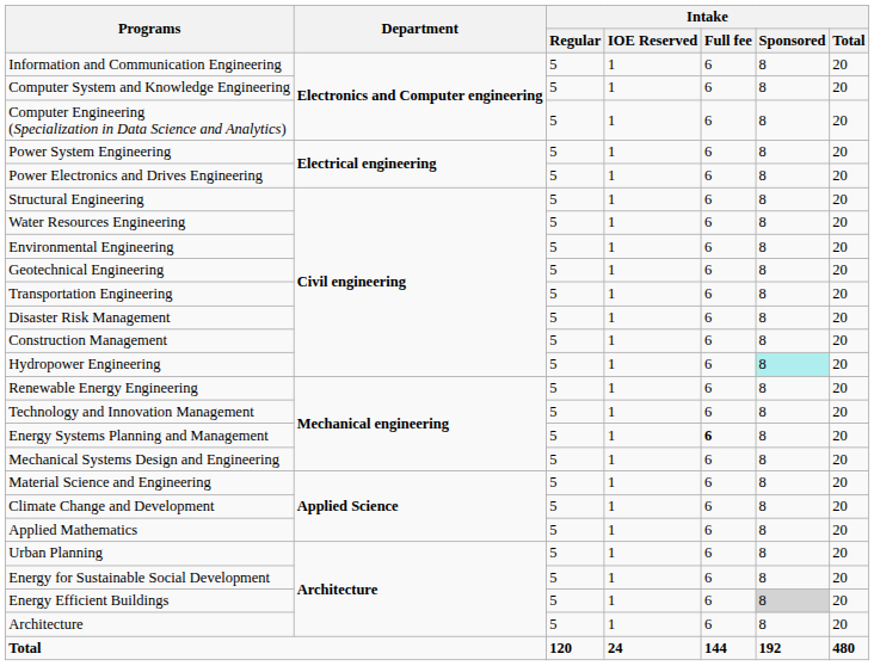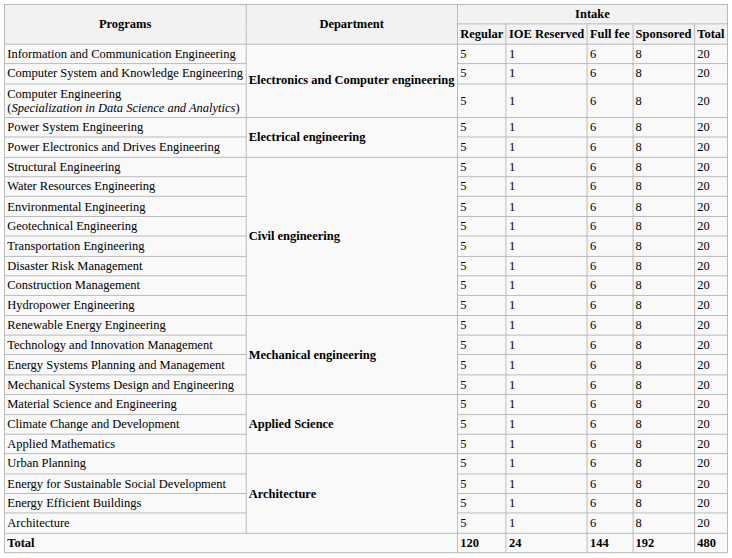 <table class="wikitable sortable">
 <tr>
 <th rowspan="2">Programs</th>
 <th rowspan="2">Department</th>
 <th colspan="5">Intake</th>
 </tr>
 <tr>
 <th>Regular</th>
 <th>IOE Reserved</th>
 <th>Full fee</th>
 <th>Sponsored</th>
 <th>Total</th>
 </tr>
 <tr>
 <td>Information and Communication Engineering</td>
 <td rowspan="3"><strong>Electronics and Computer engineering</strong></td>
 <td>5</td>
 <td>1</td>
 <td>6</td>
 <td>8</td>
 <td>20</td>
 </tr>
 <tr>
 <td>Computer System and Knowledge Engineering</td>
 <td>5</td>
 <td>1</td>
 <td>6</td>
 <td>8</td>
 <td>20</td>
 </tr>
 <tr>
 <td>Computer Engineering<br>(<em>Specialization in Data Science and Analytics</em>)</td>
 <td>5</td>
 <td>1</td>
 <td>6</td>
 <td>8</td>
 <td>20</td>
 </tr>
 <tr>
 <td>Power System Engineering</td>
 <td rowspan="2"><strong>Electrical engineering</strong></td>
 <td>5</td>
 <td>1</td>
 <td>6</td>
 <td>8</td>
 <td>20</td>
 </tr>
 <tr>
 <td>Power Electronics and Drives Engineering</td>
 <td>5</td>
 <td>1</td>
 <td>6</td>
 <td>8</td>
 <td>20</td>
 </tr>
 <tr>
 <td>Structural Engineering</td>
 <td rowspan="8"><strong>Civil engineering</strong></td>
 <td>5</td>
 <td>1</td>
 <td>6</td>
 <td>8</td>
 <td>20</td>
 </tr>
 <tr>
 <td>Water Resources Engineering</td>
 <td>5</td>
 <td>1</td>
 <td>6</td>
 <td>8</td>
 <td>20</td>
 </tr>
 <tr>
 <td>Environmental Engineering</td>
 <td>5</td>
 <td>1</td>
 <td>6</td>
 <td>8</td>
 <td>20</td>
 </tr>
 <tr>
 <td>Geotechnical Engineering</td>
 <td>5</td>
 <td>1</td>
 <td>6</td>
 <td>8</td>
 <td>20</td>
 </tr>
 <tr>
 <td>Transportation Engineering</td>
 <td>5</td>
 <td>1</td>
 <td>6</td>
 <td>8</td>
 <td>20</td>
 </tr>
 <tr>
 <td>Disaster Risk Management</td>
 <td>5</td>
 <td>1</td>
 <td>6</td>
 <td>8</td>
 <td>20</td>
 </tr>
 <tr>
 <td>Construction Management</td>
 <td>5</td>
 <td>1</td>
 <td>6</td>
 <td>8</td>
 <td>20</td>
 </tr>
 <tr>
 <td>Hydropower Engineering</td>
 <td>5</td>
 <td>1</td>
 <td>6</td>
-<td style="background: paleturquoise;">8</td>
+<td>8</td>
 <td>20</td>
 </tr>
 <tr>
 <td>Renewable Energy Engineering</td>
 <td rowspan="4"><strong>Mechanical engineering</strong></td>
 <td>5</td>
 <td>1</td>
 <td>6</td>
 <td>8</td>
 <td>20</td>
 </tr>
 <tr>
 <td>Technology and Innovation Management</td>
 <td>5</td>
 <td>1</td>
 <td>6</td>
 <td>8</td>
 <td>20</td>
 </tr>
 <tr>
 <td>Energy Systems Planning and Management</td>
 <td>5</td>
 <td>1</td>
-<td><strong>6</strong></td>
+<td>6</td>
 <td>8</td>
 <td>20</td>
 </tr>
 <tr>
 <td>Mechanical Systems Design and Engineering</td>
 <td>5</td>
 <td>1</td>
 <td>6</td>
 <td>8</td>
 <td>20</td>
 </tr>
 <tr>
 <td>Material Science and Engineering</td>
 <td rowspan="3"><strong>Applied Science</strong></td>
 <td>5</td>
 <td>1</td>
 <td>6</td>
 <td>8</td>
 <td>20</td>
 </tr>
 <tr>
 <td>Climate Change and Development</td>
 <td>5</td>
 <td>1</td>
 <td>6</td>
 <td>8</td>
 <td>20</td>
 </tr>
 <tr>
 <td>Applied Mathematics</td>
 <td>5</td>
 <td>1</td>
 <td>6</td>
 <td>8</td>
 <td>20</td>
 </tr>
 <tr>
 <td>Urban Planning</td>
 <td rowspan="4"><strong>Architecture</strong></td>
 <td>5</td>
 <td>1</td>
 <td>6</td>
 <td>8</td>
 <td>20</td>
 </tr>
 <tr>
 <td>Energy for Sustainable Social Development</td>
 <td>5</td>
 <td>1</td>
 <td>6</td>
 <td>8</td>
 <td>20</td>
 </tr>
 <tr>
 <td>Energy Efficient Buildings</td>
 <td>5</td>
 <td>1</td>
 <td>6</td>
-<td style="background: lightgrey;">8</td>
+<td>8</td>
 <td>20</td>
 </tr>
 <tr>
 <td>Architecture</td>
 <td>5</td>
 <td>1</td>
 <td>6</td>
 <td>8</td>
 <td>20</td>
 </tr>
 <tr>
 <td colspan="2"><strong>Total</strong></td>
 <td><strong>120</strong></td>
 <td><strong>24</strong></td>
 <td><strong>144</strong></td>
 <td><strong>192</strong></td>
 <td><strong>480</strong></td>
 </tr>
 </table>
